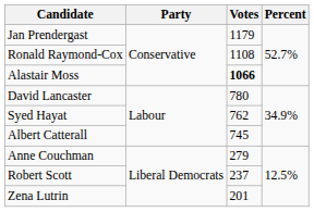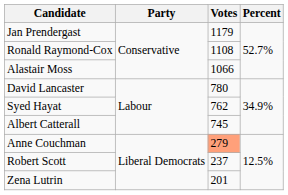 <table class="wikitable">
 <tr>
 <th>Candidate</th>
 <th>Party</th>
 <th>Votes</th>
 <th>Percent</th>
 </tr>
 <tr>
 <td>Jan Prendergast</td>
 <td rowspan="3">Conservative</td>
 <td>1179</td>
 <td rowspan="3">52.7%</td>
 </tr>
 <tr>
 <td>Ronald Raymond-Cox</td>
 <td>1108</td>
 </tr>
 <tr>
 <td>Alastair Moss</td>
-<td><strong>1066</strong></td>
+<td>1066</td>
 </tr>
 <tr>
 <td>David Lancaster</td>
 <td rowspan="3">Labour</td>
 <td>780</td>
 <td rowspan="3">34.9%</td>
 </tr>
 <tr>
 <td>Syed Hayat</td>
 <td>762</td>
 </tr>
 <tr>
 <td>Albert Catterall</td>
 <td>745</td>
 </tr>
 <tr>
 <td>Anne Couchman</td>
 <td rowspan="3">Liberal Democrats</td>
-<td>279</td>
+<td style="background: lightsalmon;">279</td>
 <td rowspan="3">12.5%</td>
 </tr>
 <tr>
 <td>Robert Scott</td>
 <td>237</td>
 </tr>
 <tr>
 <td>Zena Lutrin</td>
 <td>201</td>
 </tr>
 </table>
